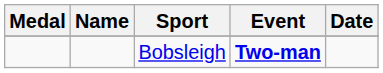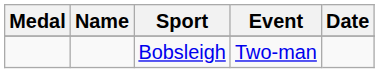 <table class="wikitable sortable" style="font-size:95%">
 <tr>
 <th>Medal</th>
 <th>Name</th>
 <th>Sport</th>
 <th>Event</th>
 <th>Date</th>
 </tr>
 <tr>
 </tr>
 <tr>
 <td></td>
 <td><br></td>
 <td><a href='#'>Bobsleigh</a></td>
-<td><strong><a href='#'>Two-man</a></strong></td>
+<td><a href='#'>Two-man</a></td>
 <td></td>
 </tr>
 </table>
